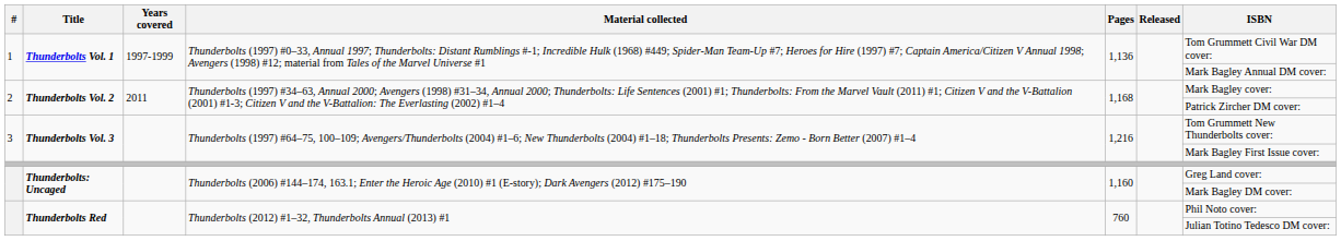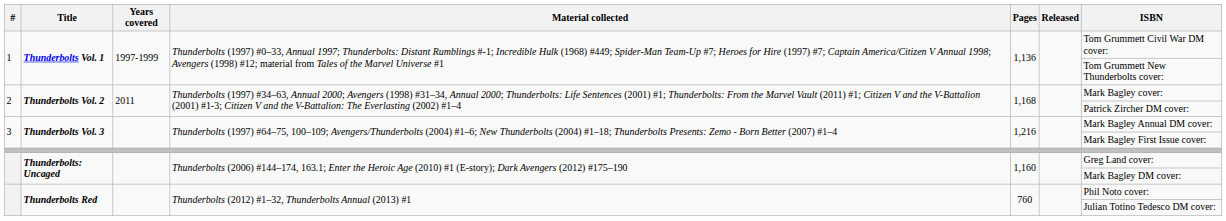 <table class="wikitable sortable" width="99%">
 <tr>
 <th class="unsortable" width="20px">#</th>
 <th>Title</th>
 <th>Years covered</th>
 <th class="unsortable">Material collected</th>
 <th>Pages</th>
 <th>Released</th>
 <th class="unsortable">ISBN</th>
 </tr>
 <tr>
 <td rowspan="2">1</td>
 <td rowspan="2"><strong><em><a href='#'>Thunderbolts</a> Vol. 1</em></strong></td>
 <td rowspan="2">1997-1999</td>
 <td rowspan="2"><em>Thunderbolts</em> (1997) #0–33, <em>Annual 1997</em>; <em>Thunderbolts: Distant Rumblings</em> #-1; <em>Incredible Hulk</em> (1968) #449; <em>Spider-Man Team-Up</em> #7; <em>Heroes for Hire</em> (1997) #7; <em>Captain America/Citizen V Annual 1998</em>; <em>Avengers</em> (1998) #12; material from <em>Tales of the Marvel Universe</em> #1</td>
 <td rowspan="2" style="text-align: center;">1,136</td>
 <td rowspan="2"></td>
 <td>Tom Grummett Civil War DM cover: </td>
 </tr>
 <tr>
-<td>Mark Bagley Annual DM cover: </td>
+<td>Tom Grummett New Thunderbolts cover: </td>
 </tr>
 <tr>
 <td rowspan="2">2</td>
 <td rowspan="2"><strong><em>Thunderbolts Vol. 2</em></strong></td>
 <td rowspan="2"> 2011</td>
 <td rowspan="2"><em>Thunderbolts</em> (1997) #34–63, <em>Annual 2000</em>; <em>Avengers</em> (1998) #31–34, <em>Annual 2000</em>; <em>Thunderbolts: Life Sentences</em> (2001) #1; <em>Thunderbolts: From the Marvel Vault</em> (2011) #1; <em>Citizen V and the V-Battalion</em> (2001) #1-3; <em>Citizen V and the V-Battalion: The Everlasting</em> (2002) #1–4</td>
 <td rowspan="2" style="text-align: center;">1,168</td>
 <td rowspan="2"></td>
 <td>Mark Bagley cover: </td>
 </tr>
 <tr>
 <td>Patrick Zircher DM cover: </td>
 </tr>
 <tr>
 <td rowspan="2">3</td>
 <td rowspan="2"><strong><em>Thunderbolts Vol. 3</em></strong></td>
 <td rowspan="2"></td>
 <td rowspan="2"><em>Thunderbolts</em> (1997) #64–75, 100–109; <em>Avengers/Thunderbolts</em> (2004) #1–6; <em>New Thunderbolts</em> (2004) #1–18; <em>Thunderbolts Presents: Zemo - Born Better</em> (2007) #1–4</td>
 <td rowspan="2" style="text-align: center;">1,216</td>
 <td rowspan="2"></td>
-<td>Tom Grummett New Thunderbolts cover: </td>
+<td>Mark Bagley Annual DM cover: </td>
 </tr>
 <tr>
 <td>Mark Bagley First Issue cover: </td>
 </tr>
 <tr>
 <th colspan="7" style="background-color: silver;"></th>
 </tr>
 <tr>
 <th rowspan="2" style="background-color: light grey;"></th>
 <td rowspan="2"><strong><em>Thunderbolts: Uncaged</em></strong></td>
 <td rowspan="2"></td>
 <td rowspan="2"><em>Thunderbolts</em> (2006) #144–174, 163.1; <em>Enter the Heroic Age</em> (2010) #1 (E-story); <em>Dark Avengers</em> (2012) #175–190</td>
 <td rowspan="2" style="text-align: center;">1,160</td>
 <td rowspan="2"></td>
 <td>Greg Land cover: </td>
 </tr>
 <tr>
 <td>Mark Bagley DM cover: </td>
 </tr>
 <tr>
 <th rowspan="2" style="background-color: light grey;"></th>
 <td rowspan="2"><strong><em>Thunderbolts Red</em></strong></td>
 <td rowspan="2"></td>
 <td rowspan="2"><em>Thunderbolts</em> (2012) #1–32, <em>Thunderbolts Annual</em> (2013) #1</td>
 <td rowspan="2" style="text-align: center;">760</td>
 <td rowspan="2"></td>
 <td>Phil Noto cover: </td>
 </tr>
 <tr>
 <td>Julian Totino Tedesco DM cover: </td>
 </tr>
 </table>
